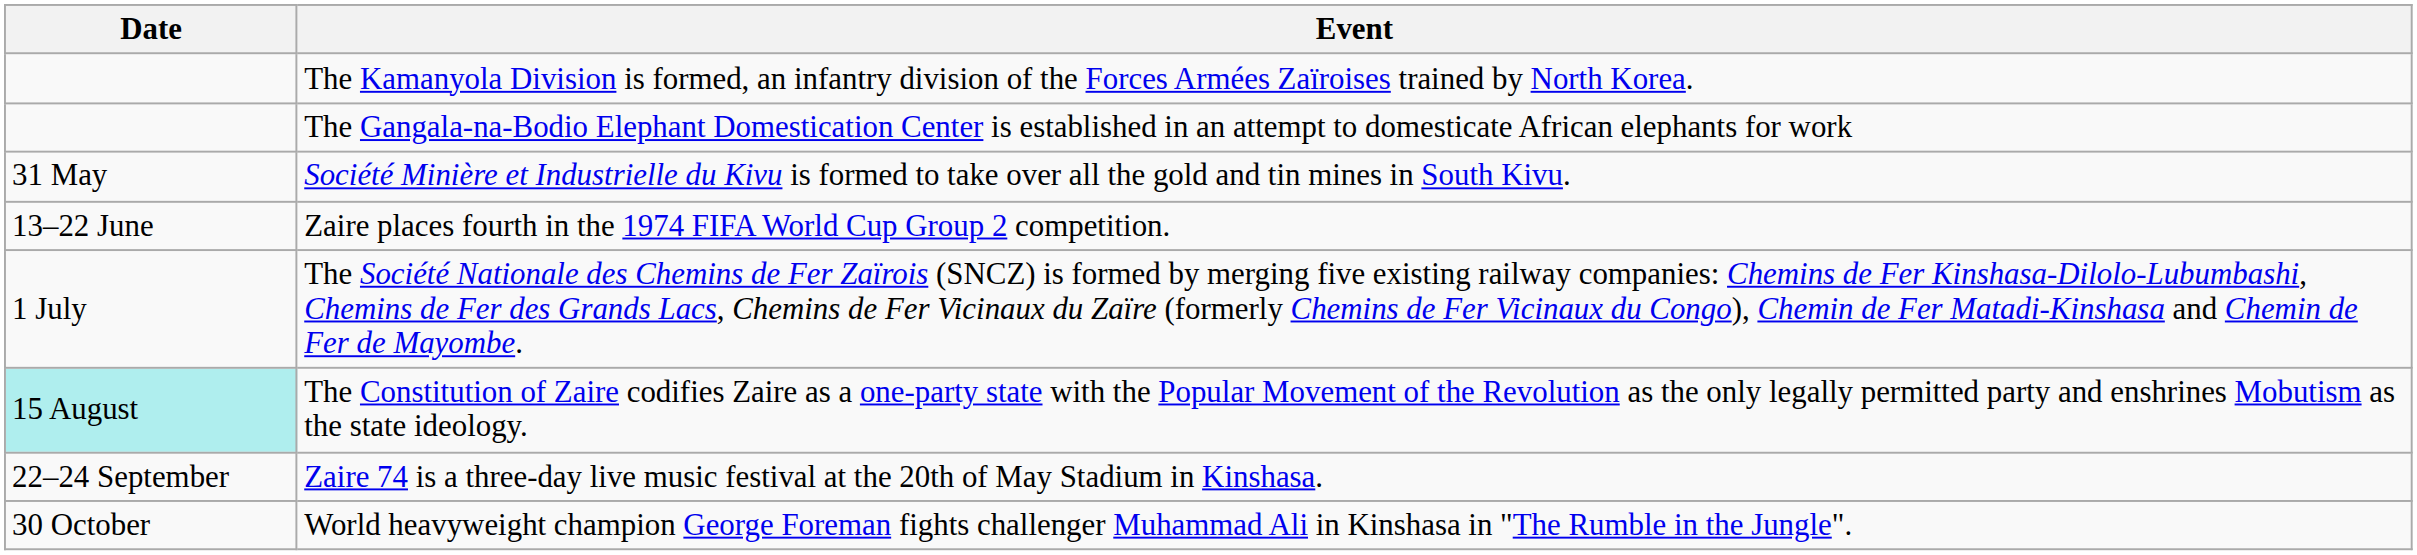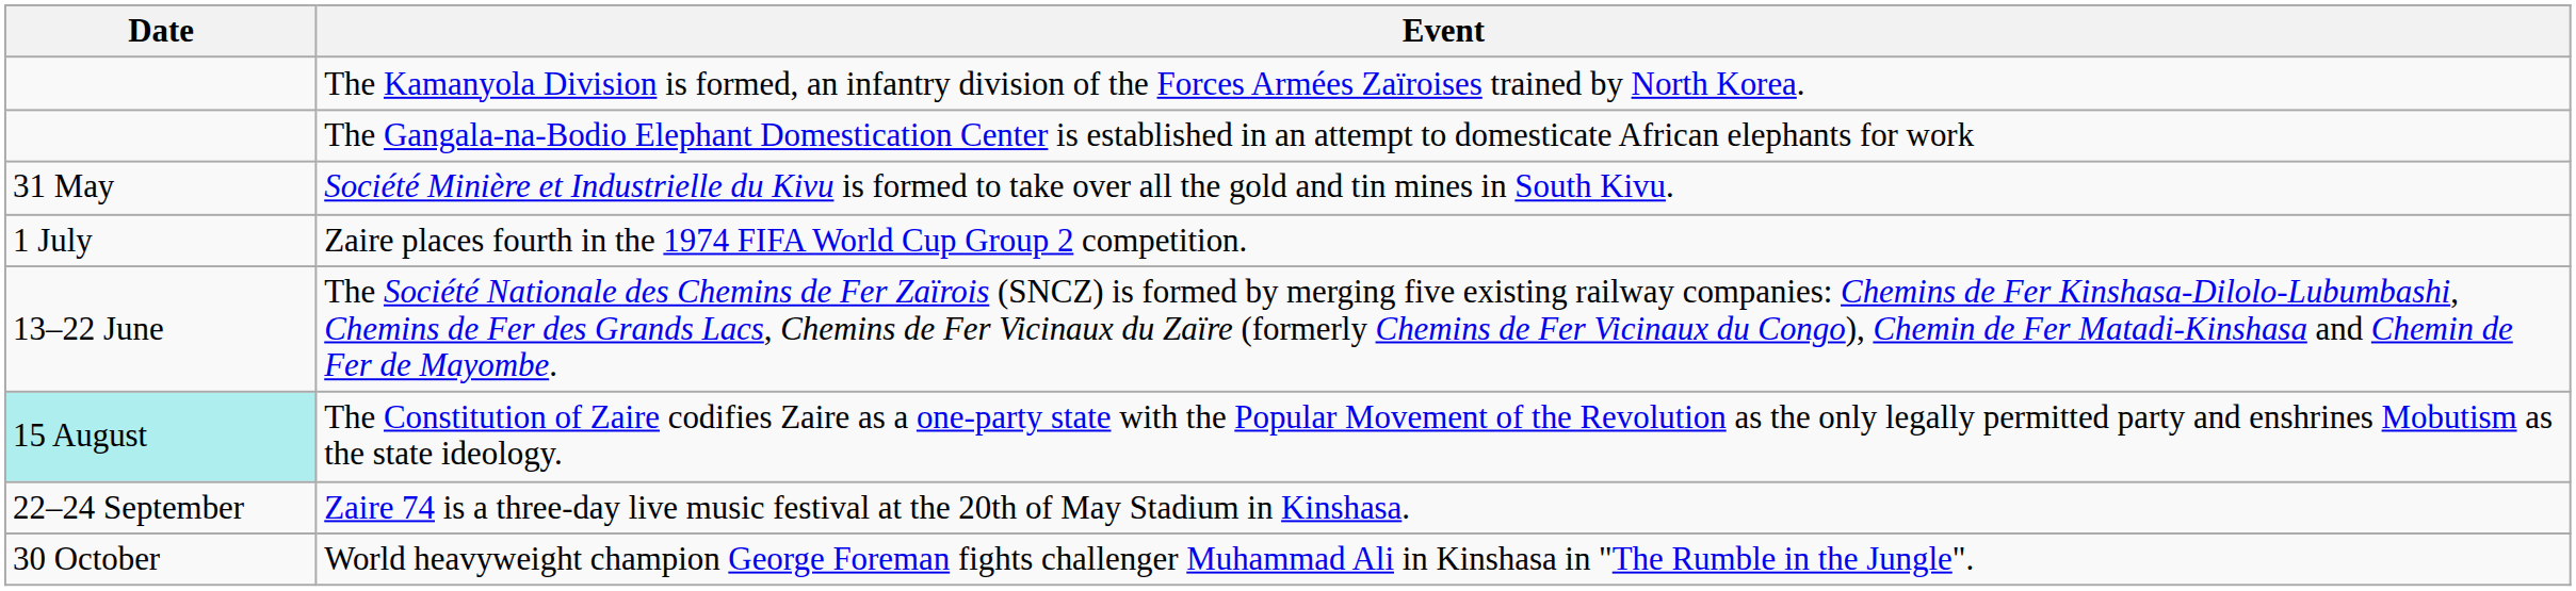 <table class=wikitable>
 <tr>
 <th style="width:9em">Date</th>
 <th>Event</th>
 </tr>
 <tr>
 <td></td>
 <td>The <a href='#'>Kamanyola Division</a> is formed, an infantry division of the <a href='#'>Forces Armées Zaïroises</a> trained by <a href='#'>North Korea</a>.</td>
 </tr>
 <tr>
 <td></td>
 <td>The <a href='#'>Gangala-na-Bodio Elephant Domestication Center</a> is established in an attempt to domesticate African elephants for work</td>
 </tr>
 <tr>
 <td>31 May</td>
 <td><em><a href='#'>Société Minière et Industrielle du Kivu</a></em> is formed to take over all the gold and tin mines in <a href='#'>South Kivu</a>.</td>
 </tr>
 <tr>
-<td>13–22 June</td>
+<td>1 July</td>
 <td>Zaire places fourth in the <a href='#'>1974 FIFA World Cup Group 2</a> competition.</td>
 </tr>
 <tr>
-<td>1 July</td>
+<td>13–22 June</td>
 <td>The <em><a href='#'>Société Nationale des Chemins de Fer Zaïrois</a></em> (SNCZ) is formed by merging five existing railway companies:  <em><a href='#'>Chemins de Fer Kinshasa-Dilolo-Lubumbashi</a></em>, <em><a href='#'>Chemins de Fer des Grands Lacs</a></em>, <em>Chemins de Fer Vicinaux du Zaïre</em> (formerly <em><a href='#'>Chemins de Fer Vicinaux du Congo</a></em>), <em><a href='#'>Chemin de Fer Matadi-Kinshasa</a></em> and <em><a href='#'>Chemin de Fer de Mayombe</a></em>.</td>
 </tr>
 <tr>
 <td style="background: paleturquoise;">15 August</td>
 <td>The <a href='#'>Constitution of Zaire</a> codifies Zaire as a <a href='#'>one-party state</a> with the <a href='#'>Popular Movement of the Revolution</a> as the only legally permitted party and enshrines  <a href='#'>Mobutism</a> as the state ideology.</td>
 </tr>
 <tr>
 <td>22–24 September</td>
 <td><a href='#'>Zaire 74</a> is a three-day live music festival at the 20th of May Stadium in <a href='#'>Kinshasa</a>.</td>
 </tr>
 <tr>
 <td>30 October</td>
 <td>World heavyweight champion <a href='#'>George Foreman</a> fights challenger <a href='#'>Muhammad Ali</a> in Kinshasa in "<a href='#'>The Rumble in the Jungle</a>".</td>
 </tr>
 </table>
